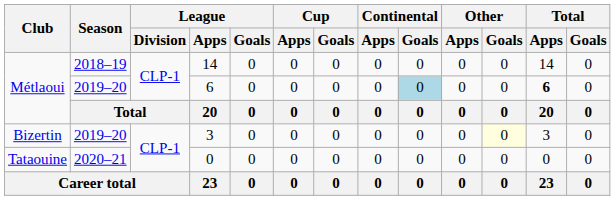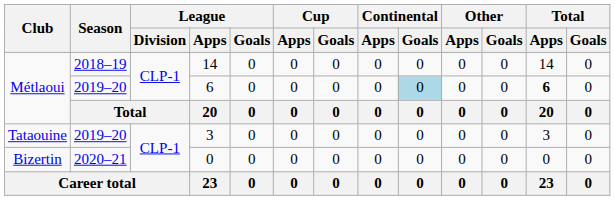 <table class="wikitable" style="text-align: center">
 <tr>
 <th rowspan="2">Club</th>
 <th rowspan="2">Season</th>
 <th colspan="3">League</th>
 <th colspan="2">Cup</th>
 <th colspan="2">Continental</th>
 <th colspan="2">Other</th>
 <th colspan="2">Total</th>
 </tr>
 <tr>
 <th>Division</th>
 <th>Apps</th>
 <th>Goals</th>
 <th>Apps</th>
 <th>Goals</th>
 <th>Apps</th>
 <th>Goals</th>
 <th>Apps</th>
 <th>Goals</th>
 <th>Apps</th>
 <th>Goals</th>
 </tr>
 <tr>
 <td rowspan="3"><a href='#'>Métlaoui</a></td>
 <td><a href='#'>2018–19</a></td>
 <td rowspan="2"><a href='#'>CLP-1</a></td>
 <td>14</td>
 <td>0</td>
 <td>0</td>
 <td>0</td>
 <td>0</td>
 <td>0</td>
 <td>0</td>
 <td>0</td>
 <td>14</td>
 <td>0</td>
 </tr>
 <tr>
 <td><a href='#'>2019–20</a></td>
 <td>6</td>
 <td>0</td>
 <td>0</td>
 <td>0</td>
 <td>0</td>
 <td style="background: lightblue;">0</td>
 <td>0</td>
 <td>0</td>
 <td><strong>6</strong></td>
 <td>0</td>
 </tr>
 <tr>
 <th colspan="2"><strong>Total</strong></th>
 <th>20</th>
 <th>0</th>
 <th>0</th>
 <th>0</th>
 <th>0</th>
 <th>0</th>
 <th>0</th>
 <th>0</th>
 <th>20</th>
 <th>0</th>
 </tr>
 <tr>
-<td><a href='#'>Bizertin</a></td>
+<td><a href='#'>Tataouine</a></td>
 <td><a href='#'>2019–20</a></td>
 <td rowspan="2"><a href='#'>CLP-1</a></td>
 <td>3</td>
 <td>0</td>
 <td>0</td>
 <td>0</td>
 <td>0</td>
 <td>0</td>
 <td>0</td>
-<td style="background: lightyellow;">0</td>
+<td>0</td>
 <td>3</td>
 <td>0</td>
 </tr>
 <tr>
-<td><a href='#'>Tataouine</a></td>
+<td><a href='#'>Bizertin</a></td>
 <td><a href='#'>2020–21</a></td>
 <td>0</td>
 <td>0</td>
 <td>0</td>
 <td>0</td>
 <td>0</td>
 <td>0</td>
 <td>0</td>
 <td>0</td>
 <td>0</td>
 <td>0</td>
 </tr>
 <tr>
 <th colspan="3"><strong>Career total</strong></th>
 <th>23</th>
 <th>0</th>
 <th>0</th>
 <th>0</th>
 <th>0</th>
 <th>0</th>
 <th>0</th>
 <th>0</th>
 <th>23</th>
 <th>0</th>
 </tr>
 </table>
